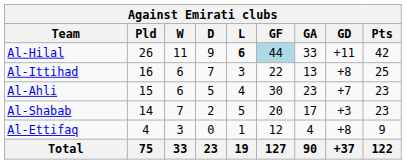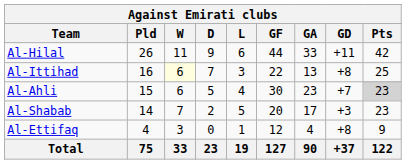 <table class="wikitable" style="width:70%; text-align:center;">
 <tr>
 <th colspan=9>Against Emirati clubs</th>
 </tr>
 <tr>
 <th style="width:20%;">Team</th>
 <th width=5%>Pld</th>
 <th width=5%>W</th>
 <th width=5%>D</th>
 <th width=5%>L</th>
 <th width=5%>GF</th>
 <th width=5%>GA</th>
 <th width=5%>GD</th>
 <th width=5%>Pts</th>
 </tr>
 <tr>
 <td align=left> <a href='#'>Al-Hilal</a></td>
 <td>26</td>
 <td>11</td>
 <td>9</td>
-<td><strong>6</strong></td>
-<td style="background: lightblue;">44</td>
+<td>6</td>
+<td>44</td>
 <td>33</td>
 <td>+11</td>
 <td>42</td>
 </tr>
 <tr>
 <td align=left> <a href='#'>Al-Ittihad</a></td>
 <td>16</td>
-<td>6</td>
+<td style="background: lightyellow;">6</td>
 <td>7</td>
 <td>3</td>
 <td>22</td>
 <td>13</td>
 <td>+8</td>
 <td>25</td>
 </tr>
 <tr>
 <td align=left> <a href='#'>Al-Ahli</a></td>
 <td>15</td>
 <td>6</td>
 <td>5</td>
 <td>4</td>
 <td>30</td>
 <td>23</td>
 <td>+7</td>
-<td>23</td>
+<td style="background: lightgrey;">23</td>
 </tr>
 <tr>
 <td align=left> <a href='#'>Al-Shabab</a></td>
 <td>14</td>
 <td>7</td>
 <td>2</td>
 <td>5</td>
 <td>20</td>
 <td>17</td>
 <td>+3</td>
 <td>23</td>
 </tr>
 <tr>
 <td align=left> <a href='#'>Al-Ettifaq</a></td>
 <td>4</td>
 <td>3</td>
 <td>0</td>
 <td>1</td>
 <td>12</td>
 <td>4</td>
 <td>+8</td>
 <td>9</td>
 </tr>
 <tr>
 <th>Total</th>
 <th>75</th>
 <th>33</th>
 <th>23</th>
 <th>19</th>
 <th>127</th>
 <th>90</th>
 <th>+37</th>
 <th>122</th>
 </tr>
 </table>
